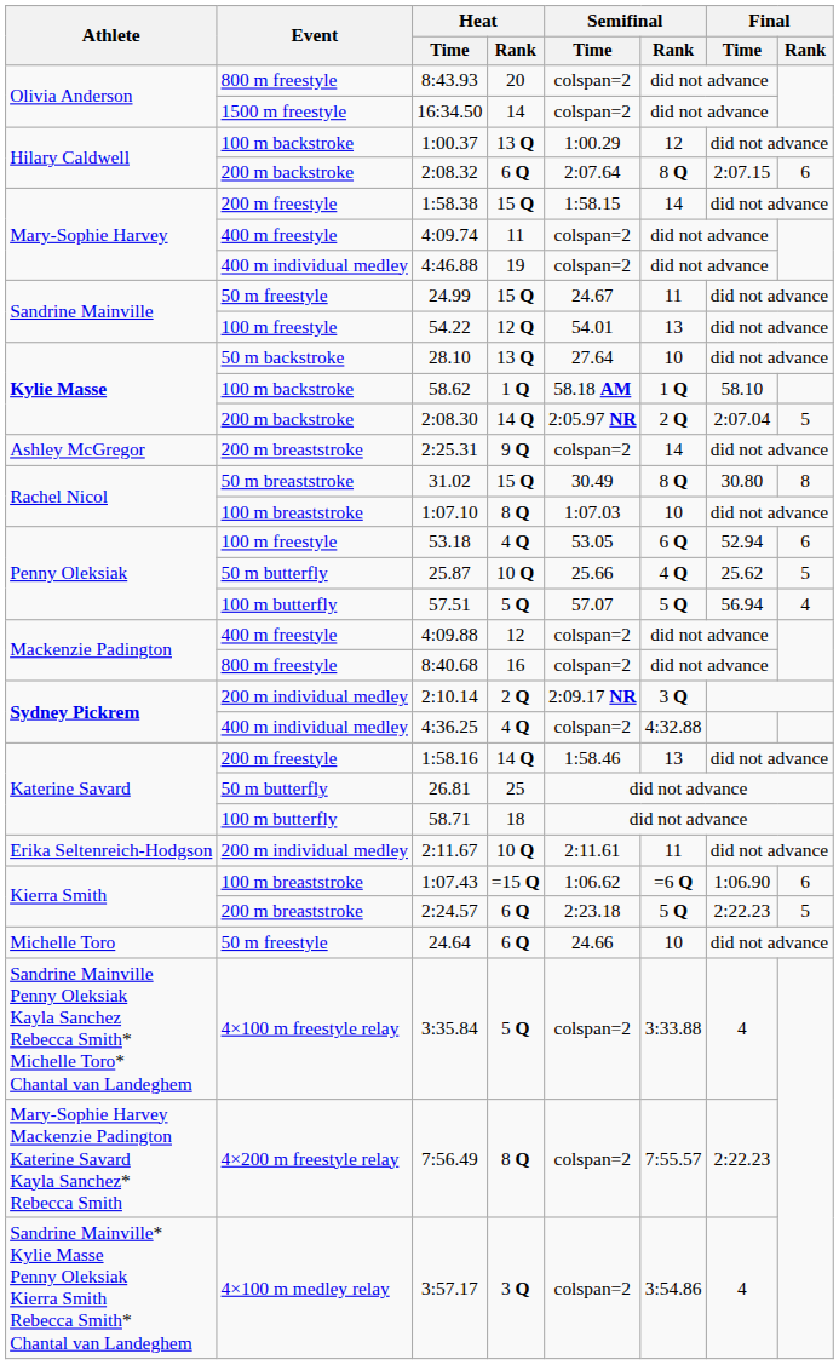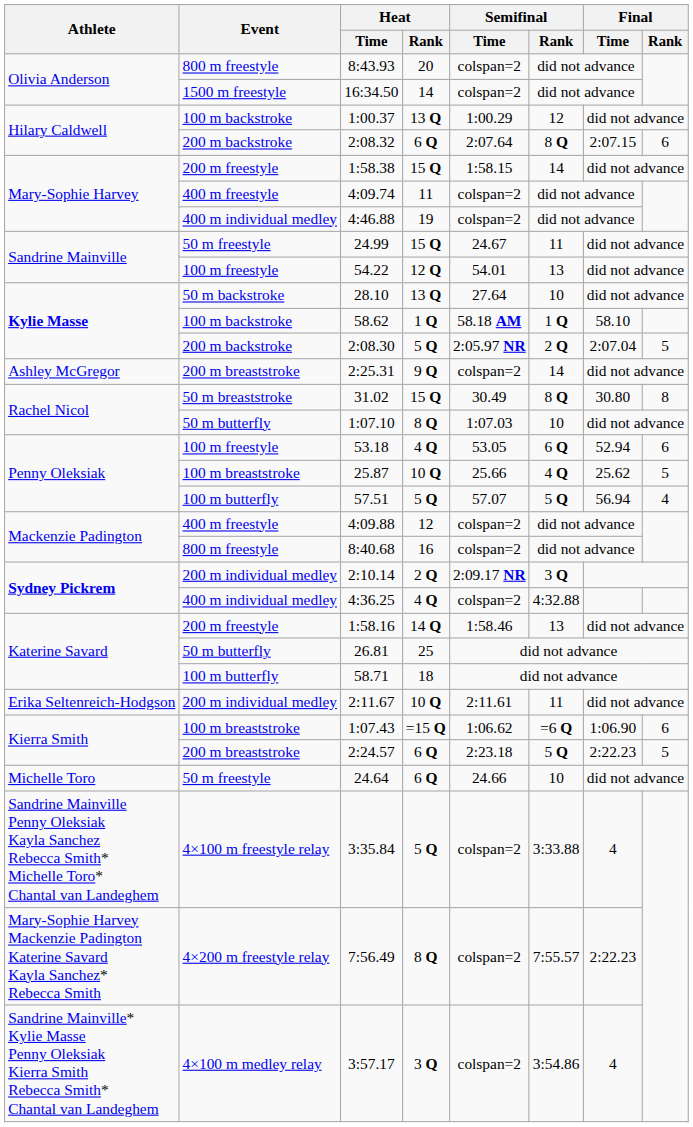 <table class=wikitable style="font-size:90%">
 <tr>
 <th rowspan="2">Athlete</th>
 <th rowspan="2">Event</th>
 <th colspan="2">Heat</th>
 <th colspan="2">Semifinal</th>
 <th colspan="2">Final</th>
 </tr>
 <tr style="font-size:95%">
 <th>Time</th>
 <th>Rank</th>
 <th>Time</th>
 <th>Rank</th>
 <th>Time</th>
 <th>Rank</th>
 </tr>
 <tr align=center>
 <td align=left rowspan=2><a href='#'>Olivia Anderson</a></td>
 <td align=left><a href='#'>800 m freestyle</a></td>
 <td>8:43.93</td>
 <td>20</td>
 <td>colspan=2 </td>
 <td colspan=2>did not advance</td>
 </tr>
 <tr align=center>
 <td align=left><a href='#'>1500 m freestyle</a></td>
 <td>16:34.50</td>
 <td>14</td>
 <td>colspan=2 </td>
 <td colspan=2>did not advance</td>
 </tr>
 <tr align=center>
 <td align=left rowspan=2><a href='#'>Hilary Caldwell</a></td>
 <td align=left><a href='#'>100 m backstroke</a></td>
 <td>1:00.37</td>
 <td>13 <strong>Q</strong></td>
 <td>1:00.29</td>
 <td>12</td>
 <td colspan=2>did not advance</td>
 </tr>
 <tr align=center>
 <td align=left><a href='#'>200 m backstroke</a></td>
 <td>2:08.32</td>
 <td>6 <strong>Q</strong></td>
 <td>2:07.64</td>
 <td>8 <strong>Q</strong></td>
 <td>2:07.15</td>
 <td>6</td>
 </tr>
 <tr align=center>
 <td align=left rowspan=3><a href='#'>Mary-Sophie Harvey</a></td>
 <td align=left><a href='#'>200 m freestyle</a></td>
 <td>1:58.38</td>
 <td>15 <strong>Q</strong></td>
 <td>1:58.15</td>
 <td>14</td>
 <td colspan=2>did not advance</td>
 </tr>
 <tr align=center>
 <td align=left><a href='#'>400 m freestyle</a></td>
 <td>4:09.74</td>
 <td>11</td>
 <td>colspan=2 </td>
 <td colspan=2>did not advance</td>
 </tr>
 <tr align=center>
 <td align=left><a href='#'>400 m individual medley</a></td>
 <td>4:46.88</td>
 <td>19</td>
 <td>colspan=2 </td>
 <td colspan=2>did not advance</td>
 </tr>
 <tr align=center>
 <td align=left rowspan=2><a href='#'>Sandrine Mainville</a></td>
 <td align=left><a href='#'>50 m freestyle</a></td>
 <td>24.99</td>
 <td>15 <strong>Q</strong></td>
 <td>24.67</td>
 <td>11</td>
 <td colspan=2>did not advance</td>
 </tr>
 <tr align=center>
 <td align=left><a href='#'>100 m freestyle</a></td>
 <td>54.22</td>
 <td>12 <strong>Q</strong></td>
 <td>54.01</td>
 <td>13</td>
 <td colspan=2>did not advance</td>
 </tr>
 <tr align=center>
 <td align=left rowspan=3><strong><a href='#'>Kylie Masse</a></strong></td>
 <td align=left><a href='#'>50 m backstroke</a></td>
 <td>28.10</td>
 <td>13 <strong>Q</strong></td>
 <td>27.64</td>
 <td>10</td>
 <td colspan=2>did not advance</td>
 </tr>
 <tr align=center>
 <td align=left><a href='#'>100 m backstroke</a></td>
 <td>58.62</td>
 <td>1 <strong>Q</strong></td>
 <td>58.18 <strong><a href='#'>AM</a></strong></td>
 <td>1 <strong>Q</strong></td>
 <td>58.10 </td>
 <td></td>
 </tr>
 <tr align=center>
 <td align=left><a href='#'>200 m backstroke</a></td>
 <td>2:08.30</td>
-<td>14 <strong>Q</strong></td>
+<td>5 <strong>Q</strong></td>
 <td>2:05.97 <strong><a href='#'>NR</a></strong></td>
 <td>2 <strong>Q</strong></td>
 <td>2:07.04</td>
 <td>5</td>
 </tr>
 <tr align=center>
 <td align=left><a href='#'>Ashley McGregor</a></td>
 <td align=left><a href='#'>200 m breaststroke</a></td>
 <td>2:25.31</td>
 <td>9 <strong>Q</strong></td>
 <td>colspan=2 </td>
 <td>14</td>
 <td colspan=2>did not advance</td>
 </tr>
 <tr align=center>
 <td align=left rowspan=2><a href='#'>Rachel Nicol</a></td>
 <td align=left><a href='#'>50 m breaststroke</a></td>
 <td>31.02</td>
 <td>15 <strong>Q</strong></td>
 <td>30.49</td>
 <td>8 <strong>Q</strong></td>
 <td>30.80</td>
 <td>8</td>
 </tr>
 <tr align=center>
-<td align=left><a href='#'>100 m breaststroke</a></td>
+<td align=left><a href='#'>50 m butterfly</a></td>
 <td>1:07.10</td>
 <td>8 <strong>Q</strong></td>
 <td>1:07.03</td>
 <td>10</td>
 <td colspan=2>did not advance</td>
 </tr>
 <tr align=center>
 <td align=left rowspan=3><a href='#'>Penny Oleksiak</a></td>
 <td align=left><a href='#'>100 m freestyle</a></td>
 <td>53.18</td>
 <td>4 <strong>Q</strong></td>
 <td>53.05</td>
 <td>6 <strong>Q</strong></td>
 <td>52.94</td>
 <td>6</td>
 </tr>
 <tr align=center>
-<td align=left><a href='#'>50 m butterfly</a></td>
+<td align=left><a href='#'>100 m breaststroke</a></td>
 <td>25.87</td>
 <td>10 <strong>Q</strong></td>
 <td>25.66</td>
 <td>4 <strong>Q</strong></td>
 <td>25.62</td>
 <td>5</td>
 </tr>
 <tr align=center>
 <td align=left><a href='#'>100 m butterfly</a></td>
 <td>57.51</td>
 <td>5 <strong>Q</strong></td>
 <td>57.07</td>
 <td>5 <strong>Q</strong></td>
 <td>56.94</td>
 <td>4</td>
 </tr>
 <tr align=center>
 <td align=left rowspan=2><a href='#'>Mackenzie Padington</a></td>
 <td align=left><a href='#'>400 m freestyle</a></td>
 <td>4:09.88</td>
 <td>12</td>
 <td>colspan=2 </td>
 <td colspan=2>did not advance</td>
 </tr>
 <tr align=center>
 <td align=left><a href='#'>800 m freestyle</a></td>
 <td>8:40.68</td>
 <td>16</td>
 <td>colspan=2 </td>
 <td colspan=2>did not advance</td>
 </tr>
 <tr align=center>
 <td align=left rowspan=2><strong><a href='#'>Sydney Pickrem</a></strong></td>
 <td align=left><a href='#'>200 m individual medley</a></td>
 <td>2:10.14</td>
 <td>2 <strong>Q</strong></td>
 <td>2:09.17 <strong><a href='#'>NR</a></strong></td>
 <td>3 <strong>Q</strong></td>
 <td colspan=2></td>
 </tr>
 <tr align=center>
 <td align=left><a href='#'>400 m individual medley</a></td>
 <td>4:36.25</td>
 <td>4 <strong>Q</strong></td>
 <td>colspan=2 </td>
 <td>4:32.88</td>
 <td></td>
 </tr>
 <tr align=center>
 <td align=left rowspan=3><a href='#'>Katerine Savard</a></td>
 <td align=left><a href='#'>200 m freestyle</a></td>
 <td>1:58.16</td>
 <td>14 <strong>Q</strong></td>
 <td>1:58.46</td>
 <td>13</td>
 <td colspan=2>did not advance</td>
 </tr>
 <tr align=center>
 <td align=left><a href='#'>50 m butterfly</a></td>
 <td>26.81</td>
 <td>25</td>
 <td colspan=4>did not advance</td>
 </tr>
 <tr align=center>
 <td align=left><a href='#'>100 m butterfly</a></td>
 <td>58.71</td>
 <td>18</td>
 <td colspan=4>did not advance</td>
 </tr>
 <tr align=center>
 <td align=left><a href='#'>Erika Seltenreich-Hodgson</a></td>
 <td align=left><a href='#'>200 m individual medley</a></td>
 <td>2:11.67</td>
 <td>10 <strong>Q</strong></td>
 <td>2:11.61</td>
 <td>11</td>
 <td colspan=2>did not advance</td>
 </tr>
 <tr align=center>
 <td align=left rowspan=2><a href='#'>Kierra Smith</a></td>
 <td align=left><a href='#'>100 m breaststroke</a></td>
 <td>1:07.43</td>
 <td>=15 <strong>Q</strong></td>
 <td>1:06.62</td>
 <td>=6 <strong>Q</strong></td>
 <td>1:06.90</td>
 <td>6</td>
 </tr>
 <tr align=center>
 <td align=left><a href='#'>200 m breaststroke</a></td>
 <td>2:24.57</td>
 <td>6 <strong>Q</strong></td>
 <td>2:23.18</td>
 <td>5 <strong>Q</strong></td>
 <td>2:22.23</td>
 <td>5</td>
 </tr>
 <tr align=center>
 <td align=left><a href='#'>Michelle Toro</a></td>
 <td align=left><a href='#'>50 m freestyle</a></td>
 <td>24.64</td>
 <td>6 <strong>Q</strong></td>
 <td>24.66</td>
 <td>10</td>
 <td colspan=2>did not advance</td>
 </tr>
 <tr align=center>
 <td align=left><a href='#'>Sandrine Mainville</a><br><a href='#'>Penny Oleksiak</a><br><a href='#'>Kayla Sanchez</a><br><a href='#'>Rebecca Smith</a>*<br><a href='#'>Michelle Toro</a>*<br><a href='#'>Chantal van Landeghem</a></td>
 <td align=left><a href='#'>4×100 m freestyle relay</a></td>
 <td>3:35.84</td>
 <td>5 <strong>Q</strong></td>
 <td>colspan=2 </td>
 <td>3:33.88</td>
 <td>4</td>
 </tr>
 <tr align=center>
 <td align=left><a href='#'>Mary-Sophie Harvey</a><br><a href='#'>Mackenzie Padington</a><br><a href='#'>Katerine Savard</a><br><a href='#'>Kayla Sanchez</a>*<br><a href='#'>Rebecca Smith</a></td>
 <td align=left><a href='#'>4×200 m freestyle relay</a></td>
 <td>7:56.49</td>
 <td>8 <strong>Q</strong></td>
 <td>colspan=2 </td>
 <td>7:55.57</td>
 <td>2:22.23</td>
 </tr>
 <tr align=center>
 <td align=left><a href='#'>Sandrine Mainville</a>*<br><a href='#'>Kylie Masse</a><br><a href='#'>Penny Oleksiak</a><br><a href='#'>Kierra Smith</a><br><a href='#'>Rebecca Smith</a>*<br><a href='#'>Chantal van Landeghem</a></td>
 <td align=left><a href='#'>4×100 m medley relay</a></td>
 <td>3:57.17</td>
 <td>3 <strong>Q</strong></td>
 <td>colspan=2 </td>
 <td>3:54.86</td>
 <td>4</td>
 </tr>
 </table>
